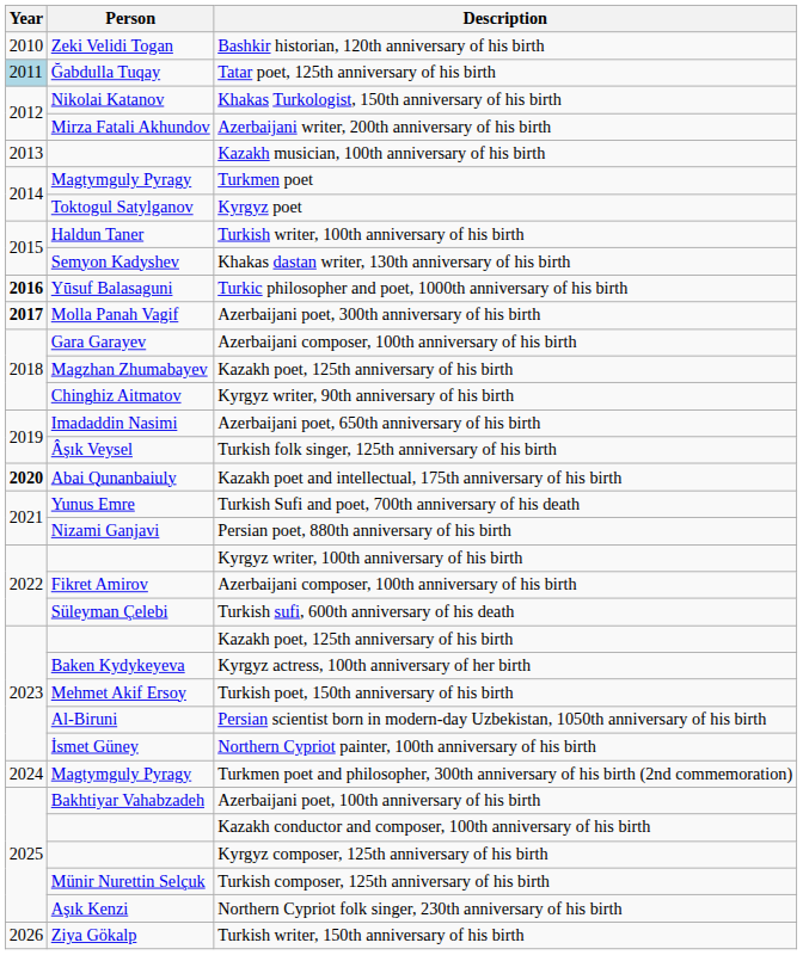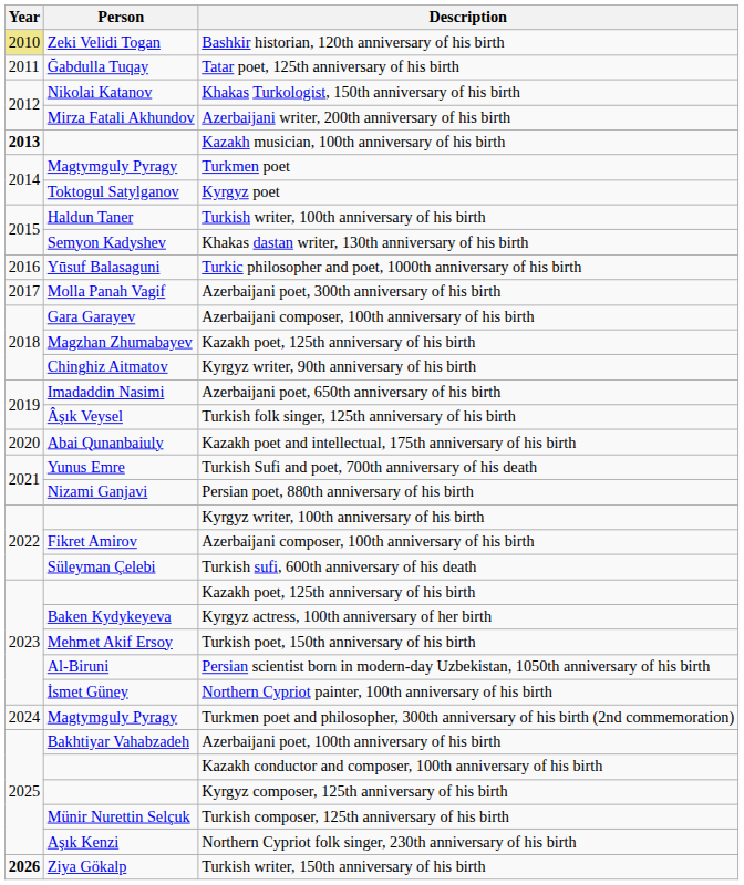 <table class="wikitable sortable">
 <tr>
 <th>Year</th>
 <th>Person</th>
 <th>Description</th>
 </tr>
 <tr>
-<td>2010</td>
+<td style="background: khaki;">2010</td>
 <td><a href='#'>Zeki Velidi Togan</a></td>
 <td><a href='#'>Bashkir</a> historian, 120th anniversary of his birth</td>
 </tr>
 <tr>
-<td style="background: lightblue;">2011</td>
+<td>2011</td>
 <td><a href='#'>Ğabdulla Tuqay</a></td>
 <td><a href='#'>Tatar</a> poet, 125th anniversary of his birth</td>
 </tr>
 <tr>
 <td rowspan="2">2012</td>
 <td><a href='#'>Nikolai Katanov</a></td>
 <td><a href='#'>Khakas</a> <a href='#'>Turkologist</a>, 150th anniversary of his birth</td>
 </tr>
 <tr>
 <td><a href='#'>Mirza Fatali Akhundov</a></td>
 <td><a href='#'>Azerbaijani</a> writer, 200th anniversary of his birth</td>
 </tr>
 <tr>
-<td>2013</td>
+<td><strong>2013</strong></td>
 <td></td>
 <td><a href='#'>Kazakh</a> musician, 100th anniversary of his birth</td>
 </tr>
 <tr>
 <td rowspan="2">2014</td>
 <td><a href='#'>Magtymguly Pyragy</a></td>
 <td><a href='#'>Turkmen</a> poet</td>
 </tr>
 <tr>
 <td><a href='#'>Toktogul Satylganov</a></td>
 <td><a href='#'>Kyrgyz</a> poet</td>
 </tr>
 <tr>
 <td rowspan="2">2015</td>
 <td><a href='#'>Haldun Taner</a></td>
 <td><a href='#'>Turkish</a> writer, 100th anniversary of his birth</td>
 </tr>
 <tr>
 <td><a href='#'>Semyon Kadyshev</a></td>
 <td>Khakas <a href='#'>dastan</a> writer, 130th anniversary of his birth</td>
 </tr>
 <tr>
-<td><strong>2016</strong></td>
+<td>2016</td>
 <td><a href='#'>Yūsuf Balasaguni</a></td>
 <td><a href='#'>Turkic</a> philosopher and poet, 1000th anniversary of his birth</td>
 </tr>
 <tr>
-<td><strong>2017</strong></td>
+<td>2017</td>
 <td><a href='#'>Molla Panah Vagif</a></td>
 <td>Azerbaijani poet, 300th anniversary of his birth</td>
 </tr>
 <tr>
 <td rowspan="3">2018</td>
 <td><a href='#'>Gara Garayev</a></td>
 <td>Azerbaijani composer, 100th anniversary of his birth</td>
 </tr>
 <tr>
 <td><a href='#'>Magzhan Zhumabayev</a></td>
 <td>Kazakh poet, 125th anniversary of his birth</td>
 </tr>
 <tr>
 <td><a href='#'>Chinghiz Aitmatov</a></td>
 <td>Kyrgyz writer, 90th anniversary of his birth</td>
 </tr>
 <tr>
 <td rowspan="2">2019</td>
 <td><a href='#'>Imadaddin Nasimi</a></td>
 <td>Azerbaijani poet, 650th anniversary of his birth</td>
 </tr>
 <tr>
 <td><a href='#'>Âşık Veysel</a></td>
 <td>Turkish folk singer, 125th anniversary of his birth</td>
 </tr>
 <tr>
-<td><strong>2020</strong></td>
+<td>2020</td>
 <td><a href='#'>Abai Qunanbaiuly</a></td>
 <td>Kazakh poet and intellectual, 175th anniversary of his birth</td>
 </tr>
 <tr>
 <td rowspan="2">2021</td>
 <td><a href='#'>Yunus Emre</a></td>
 <td>Turkish Sufi and poet, 700th anniversary of his death</td>
 </tr>
 <tr>
 <td><a href='#'>Nizami Ganjavi</a></td>
 <td>Persian poet, 880th anniversary of his birth</td>
 </tr>
 <tr>
 <td rowspan="3">2022</td>
 <td></td>
 <td>Kyrgyz writer, 100th anniversary of his birth</td>
 </tr>
 <tr>
 <td><a href='#'>Fikret Amirov</a></td>
 <td>Azerbaijani composer, 100th anniversary of his birth</td>
 </tr>
 <tr>
 <td><a href='#'>Süleyman Çelebi</a></td>
 <td>Turkish <a href='#'>sufi</a>, 600th anniversary of his death</td>
 </tr>
 <tr>
 <td rowspan="5">2023</td>
 <td></td>
 <td>Kazakh poet, 125th anniversary of his birth</td>
 </tr>
 <tr>
 <td><a href='#'>Baken Kydykeyeva</a></td>
 <td>Kyrgyz actress, 100th anniversary of her birth</td>
 </tr>
 <tr>
 <td><a href='#'>Mehmet Akif Ersoy</a></td>
 <td>Turkish poet, 150th anniversary of his birth</td>
 </tr>
 <tr>
 <td><a href='#'>Al-Biruni</a></td>
 <td><a href='#'>Persian</a> scientist born in modern-day Uzbekistan, 1050th anniversary of his birth</td>
 </tr>
 <tr>
 <td><a href='#'>İsmet Güney</a></td>
 <td><a href='#'>Northern Cypriot</a> painter, 100th anniversary of his birth</td>
 </tr>
 <tr>
 <td>2024</td>
 <td><a href='#'>Magtymguly Pyragy</a></td>
 <td>Turkmen poet and philosopher, 300th anniversary of his birth (2nd commemoration)</td>
 </tr>
 <tr>
 <td rowspan="5">2025</td>
 <td><a href='#'>Bakhtiyar Vahabzadeh</a></td>
 <td>Azerbaijani poet, 100th anniversary of his birth</td>
 </tr>
 <tr>
 <td></td>
 <td>Kazakh conductor and composer, 100th anniversary of his birth</td>
 </tr>
 <tr>
 <td></td>
 <td>Kyrgyz composer, 125th anniversary of his birth</td>
 </tr>
 <tr>
 <td><a href='#'>Münir Nurettin Selçuk</a></td>
 <td>Turkish composer, 125th anniversary of his birth</td>
 </tr>
 <tr>
 <td><a href='#'>Aşık Kenzi</a></td>
 <td>Northern Cypriot folk singer, 230th anniversary of his birth</td>
 </tr>
 <tr>
-<td>2026</td>
+<td><strong>2026</strong></td>
 <td><a href='#'>Ziya Gökalp</a></td>
 <td>Turkish writer, 150th anniversary of his birth</td>
 </tr>
 </table>
